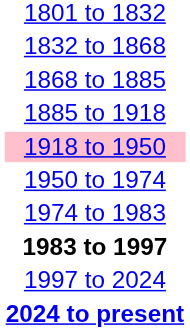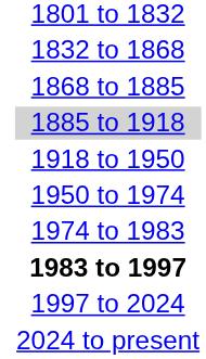 <table id=toc style="float:right; margin-left:1em">
 <tr>
 <td style="text-align:center"><a href='#'>1801 to 1832</a></td>
 </tr>
 <tr>
 <td style="text-align:center"><a href='#'>1832 to 1868</a></td>
 </tr>
 <tr>
 <td style="text-align:center"><a href='#'>1868 to 1885</a></td>
 </tr>
 <tr>
-<td style="text-align:center"><a href='#'>1885 to 1918</a></td>
+<td style="background: lightgrey; text-align:center"><a href='#'>1885 to 1918</a></td>
 </tr>
 <tr>
-<td style="background: pink; text-align:center"><a href='#'>1918 to 1950</a></td>
+<td style="text-align:center"><a href='#'>1918 to 1950</a></td>
 </tr>
 <tr>
 <td style="text-align:center"><a href='#'>1950 to 1974</a></td>
 </tr>
 <tr>
 <td style="text-align:center"><a href='#'>1974 to 1983</a></td>
 </tr>
 <tr>
 <td style="text-align:center"><strong>1983 to 1997</strong></td>
 </tr>
 <tr>
 <td style="text-align:center;"><a href='#'>1997 to 2024</a></td>
 </tr>
 <tr>
-<td style="text-align:center"><strong><a href='#'>2024 to present</a></strong></td>
+<td style="text-align:center"><a href='#'>2024 to present</a></td>
 </tr>
 </table>
